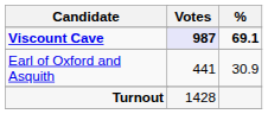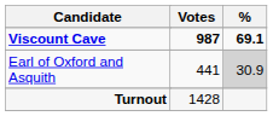 <table class="wikitable" style="font-size: 95%;">
 <tr>
 <th colspan="2" style="width: 170px">Candidate</th>
 <th style="width: 50px">Votes</th>
 <th style="width: 40px">%</th>
 </tr>
 <tr>
 </tr>
 <tr>
 <td colspan="2" style="width: 170px"><strong><a href='#'>Viscount Cave</a></strong></td>
-<td align="right" style="background: lavender;"><strong>987</strong></td>
+<td align="right"><strong>987</strong></td>
 <td align="right"><strong>69.1</strong></td>
 </tr>
 <tr>
 </tr>
 <tr>
 <td colspan="2" style="width: 170px"><a href='#'>Earl of Oxford and Asquith</a></td>
 <td align="right">441</td>
-<td align="right">30.9</td>
+<td align="right" style="background: lightgrey;">30.9</td>
 </tr>
 <tr>
 </tr>
 <tr>
 </tr>
 <tr style="background-color:#F6F6F6">
 <td colspan="2" align="right"><strong>Turnout</strong></td>
 <td align="right">1428</td>
 <td align="right"></td>
 </tr>
 <tr>
 </tr>
 </table>
